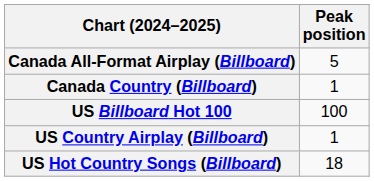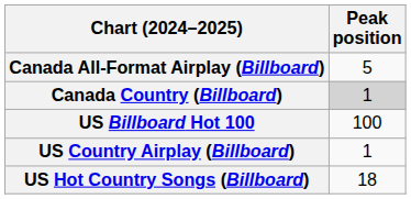 <table class="wikitable sortable plainrowheaders" style="text-align:center">
 <tr>
 <th scope="col">Chart (2024–2025)</th>
 <th scope="col">Peak<br>position</th>
 </tr>
 <tr>
 <th scope="row">Canada All-Format Airplay (<em><a href='#'>Billboard</a></em>)</th>
 <td>5</td>
 </tr>
 <tr>
 <th scope="row">Canada <a href='#'>Country</a> (<em><a href='#'>Billboard</a></em>)</th>
-<td>1</td>
+<td style="background: lightgrey;">1</td>
 </tr>
 <tr>
 <th scope="row">US <a href='#'><em>Billboard</em> Hot 100</a></th>
 <td>100</td>
 </tr>
 <tr>
 <th scope="row">US <a href='#'>Country Airplay</a> (<em><a href='#'>Billboard</a></em>)</th>
 <td>1</td>
 </tr>
 <tr>
 <th scope="row">US <a href='#'>Hot Country Songs</a> (<em><a href='#'>Billboard</a></em>)</th>
 <td>18</td>
 </tr>
 </table>
